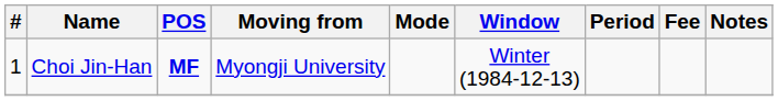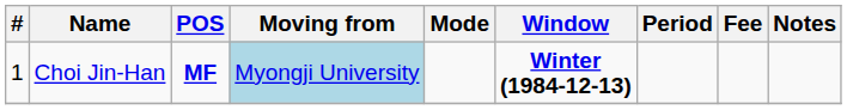 <table class="wikitable sortable" style="text-align: center; font-size:90%;">
 <tr>
 <th>#</th>
 <th>Name</th>
 <th><a href='#'>POS</a></th>
 <th>Moving from</th>
 <th>Mode</th>
 <th><a href='#'>Window</a></th>
 <th>Period</th>
 <th>Fee</th>
 <th>Notes</th>
 </tr>
 <tr>
 <td>1</td>
 <td align=left> <a href='#'>Choi Jin-Han</a></td>
 <td><strong><a href='#'>MF</a></strong></td>
-<td align=left> <a href='#'>Myongji University</a></td>
+<td align=left style="background: lightblue;"> <a href='#'>Myongji University</a></td>
 <td></td>
-<td><a href='#'>Winter</a><br>(1984-12-13)</td>
+<td><strong><a href='#'>Winter</a><br>(1984-12-13)</strong></td>
 <td></td>
 <td></td>
 <td></td>
 </tr>
 <tr>
 </tr>
 </table>
